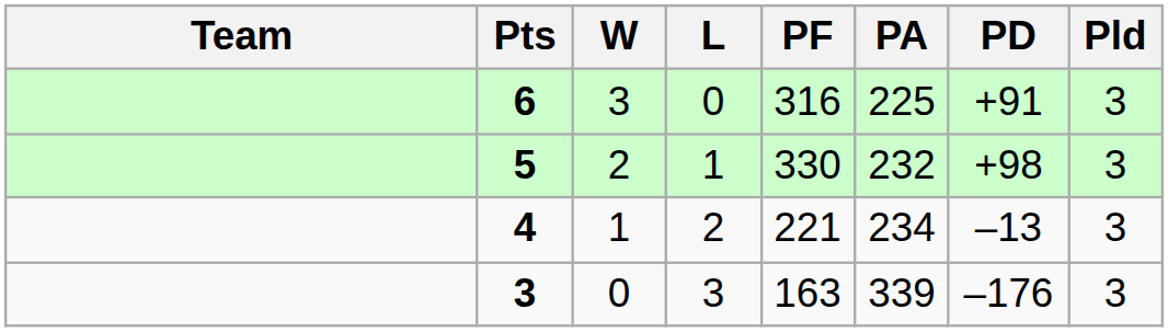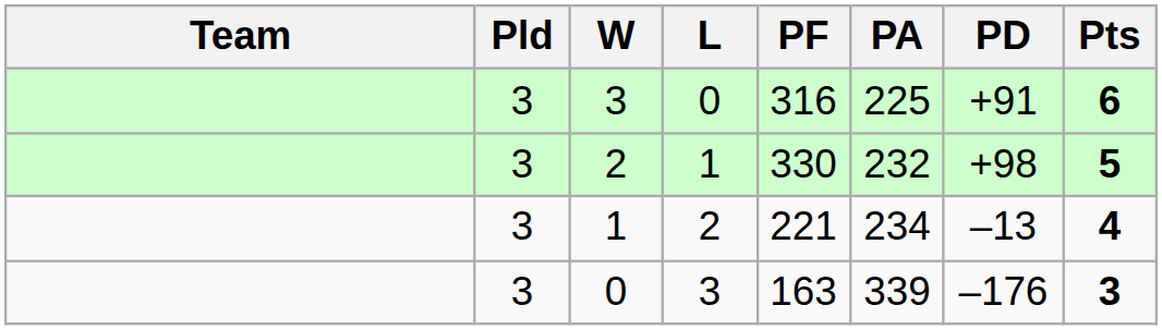 <table class=wikitable style="text-align:center">
 <tr>
 <th width=180>Team</th>
-<th width=30>Pts</th>
+<th width=30>Pld</th>
 <th width=30>W</th>
 <th width=30>L</th>
 <th width=30>PF</th>
 <th width=30>PA</th>
 <th width=40>PD</th>
-<th width=30>Pld</th>
+<th width=30>Pts</th>
 </tr>
 <tr bgcolor="#ccffcc">
 <td align="left"></td>
-<td><strong>6</strong></td>
+<td>3</td>
 <td>3</td>
 <td>0</td>
 <td>316</td>
 <td>225</td>
 <td>+91</td>
-<td>3</td>
+<td><strong>6</strong></td>
 </tr>
 <tr bgcolor="#ccffcc">
 <td align="left"></td>
-<td><strong>5</strong></td>
+<td>3</td>
 <td>2</td>
 <td>1</td>
 <td>330</td>
 <td>232</td>
 <td>+98</td>
-<td>3</td>
+<td><strong>5</strong></td>
 </tr>
 <tr>
 <td align="left"></td>
-<td><strong>4</strong></td>
+<td>3</td>
 <td>1</td>
 <td>2</td>
 <td>221</td>
 <td>234</td>
 <td>–13</td>
-<td>3</td>
+<td><strong>4</strong></td>
 </tr>
 <tr>
 <td align="left"></td>
-<td><strong>3</strong></td>
+<td>3</td>
 <td>0</td>
 <td>3</td>
 <td>163</td>
 <td>339</td>
 <td>–176</td>
-<td>3</td>
+<td><strong>3</strong></td>
 </tr>
 </table>
